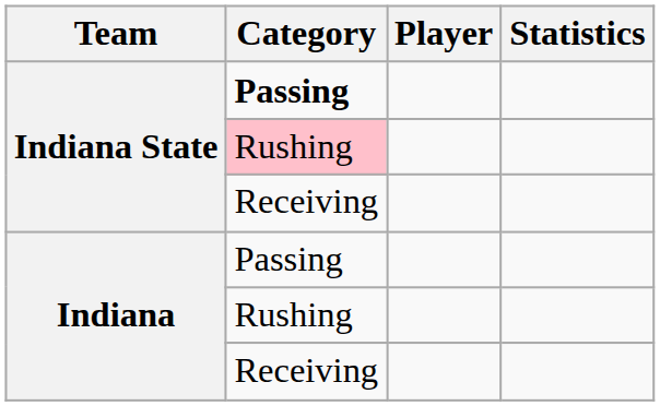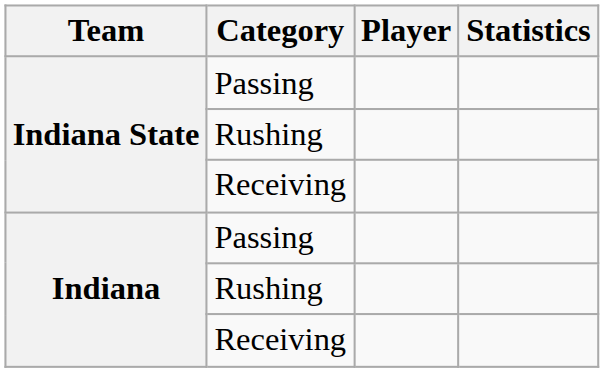 <table class="wikitable" style="float:right">
 <tr>
 <th>Team</th>
 <th>Category</th>
 <th>Player</th>
 <th>Statistics</th>
 </tr>
 <tr>
 <th rowspan=3>Indiana State</th>
-<td><strong>Passing</strong></td>
+<td>Passing</td>
 <td></td>
 <td></td>
 </tr>
 <tr>
-<td style="background: pink;">Rushing</td>
+<td>Rushing</td>
 <td></td>
 <td></td>
 </tr>
 <tr>
 <td>Receiving</td>
 <td></td>
 <td></td>
 </tr>
 <tr>
 <th rowspan=3>Indiana</th>
 <td>Passing</td>
 <td></td>
 <td></td>
 </tr>
 <tr>
 <td>Rushing</td>
 <td></td>
 <td></td>
 </tr>
 <tr>
 <td>Receiving</td>
 <td></td>
 <td></td>
 </tr>
 </table>
